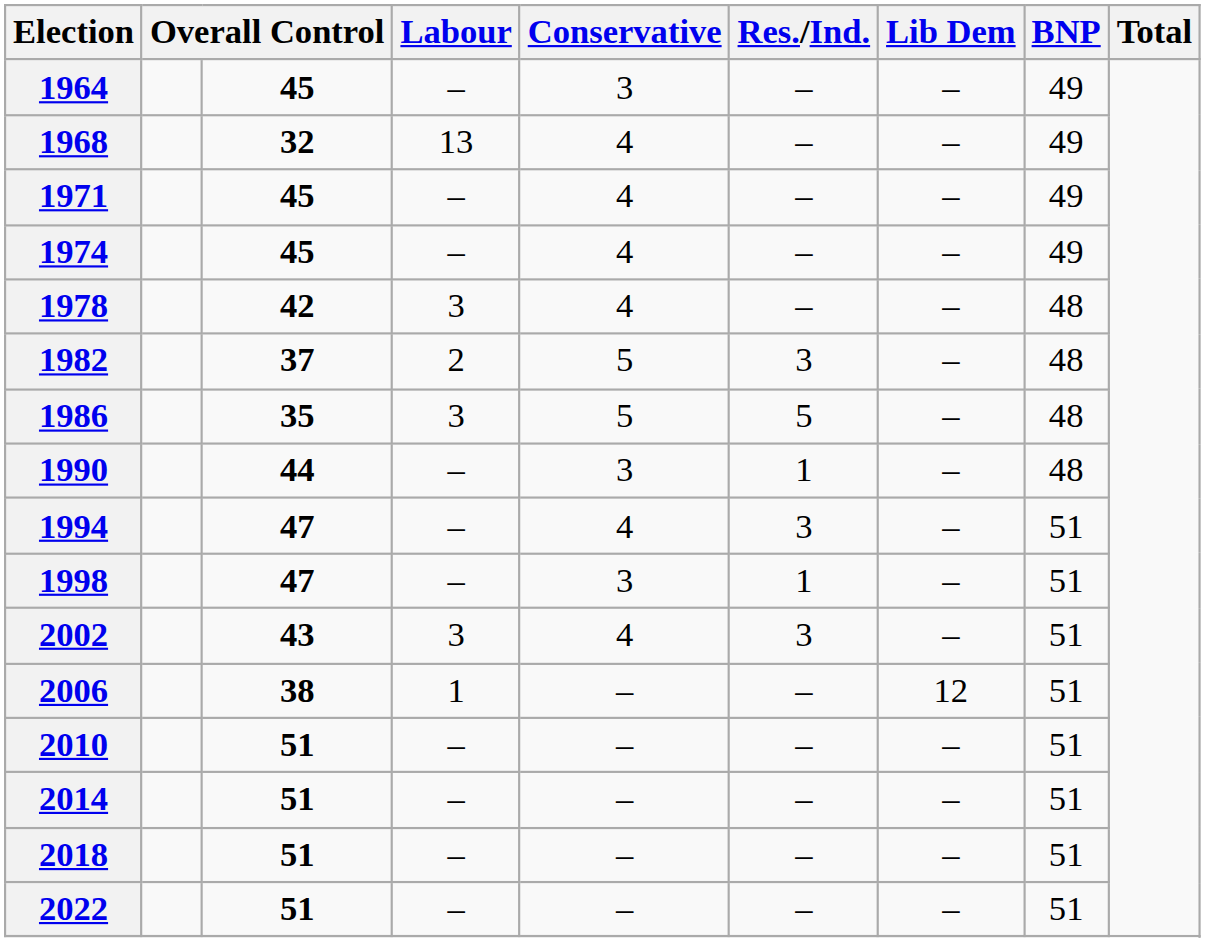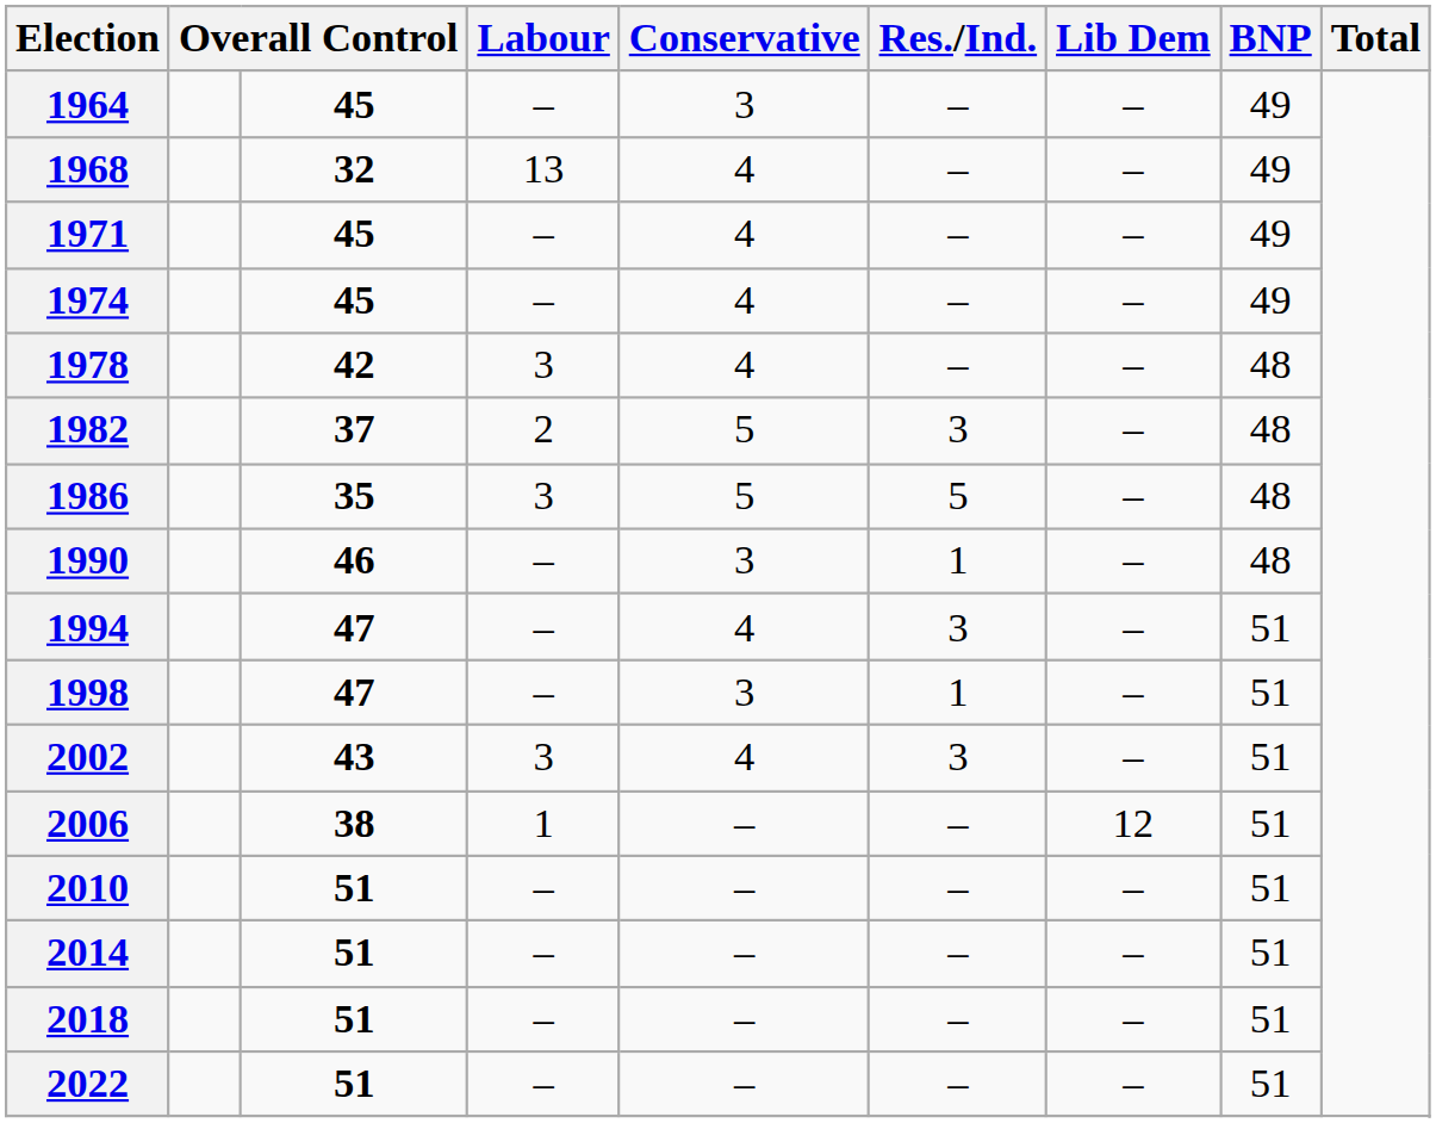 <table class="wikitable">
 <tr>
 <th>Election</th>
 <th colspan=2>Overall Control</th>
 <th><a href='#'>Labour</a></th>
 <th><a href='#'>Conservative</a></th>
 <th><a href='#'>Res.</a>/<a href='#'>Ind.</a></th>
 <th><a href='#'>Lib Dem</a></th>
 <th><a href='#'>BNP</a></th>
 <th>Total</th>
 </tr>
 <tr>
 <th><a href='#'>1964</a></th>
 <td></td>
 <td style="text-align: center;"><strong>45</strong></td>
 <td style="text-align: center;">–</td>
 <td style="text-align: center;">3</td>
 <td style="text-align: center;">–</td>
 <td style="text-align: center;">–</td>
 <td style="text-align: center;">49</td>
 </tr>
 <tr>
 <th><a href='#'>1968</a></th>
 <td></td>
 <td style="text-align: center;"><strong>32</strong></td>
 <td style="text-align: center;">13</td>
 <td style="text-align: center;">4</td>
 <td style="text-align: center;">–</td>
 <td style="text-align: center;">–</td>
 <td style="text-align: center;">49</td>
 </tr>
 <tr>
 <th><a href='#'>1971</a></th>
 <td></td>
 <td style="text-align: center;"><strong>45</strong></td>
 <td style="text-align: center;">–</td>
 <td style="text-align: center;">4</td>
 <td style="text-align: center;">–</td>
 <td style="text-align: center;">–</td>
 <td style="text-align: center;">49</td>
 </tr>
 <tr>
 <th><a href='#'>1974</a></th>
 <td></td>
 <td style="text-align: center;"><strong>45</strong></td>
 <td style="text-align: center;">–</td>
 <td style="text-align: center;">4</td>
 <td style="text-align: center;">–</td>
 <td style="text-align: center;">–</td>
 <td style="text-align: center;">49</td>
 </tr>
 <tr>
 <th><a href='#'>1978</a></th>
 <td></td>
 <td style="text-align: center;"><strong>42</strong></td>
 <td style="text-align: center;">3</td>
 <td style="text-align: center;">4</td>
 <td style="text-align: center;">–</td>
 <td style="text-align: center;">–</td>
 <td style="text-align: center;">48</td>
 </tr>
 <tr>
 <th><a href='#'>1982</a></th>
 <td></td>
 <td style="text-align: center;"><strong>37</strong></td>
 <td style="text-align: center;">2</td>
 <td style="text-align: center;">5</td>
 <td style="text-align: center;">3</td>
 <td style="text-align: center;">–</td>
 <td style="text-align: center;">48</td>
 </tr>
 <tr>
 <th><a href='#'>1986</a></th>
 <td></td>
 <td style="text-align: center;"><strong>35</strong></td>
 <td style="text-align: center;">3</td>
 <td style="text-align: center;">5</td>
 <td style="text-align: center;">5</td>
 <td style="text-align: center;">–</td>
 <td style="text-align: center;">48</td>
 </tr>
 <tr>
 <th><a href='#'>1990</a></th>
 <td></td>
-<td style="text-align: center;"><strong>44</strong></td>
+<td style="text-align: center;"><strong>46</strong></td>
 <td style="text-align: center;">–</td>
 <td style="text-align: center;">3</td>
 <td style="text-align: center;">1</td>
 <td style="text-align: center;">–</td>
 <td style="text-align: center;">48</td>
 </tr>
 <tr>
 <th><a href='#'>1994</a></th>
 <td></td>
 <td style="text-align: center;"><strong>47</strong></td>
 <td style="text-align: center;">–</td>
 <td style="text-align: center;">4</td>
 <td style="text-align: center;">3</td>
 <td style="text-align: center;">–</td>
 <td style="text-align: center;">51</td>
 </tr>
 <tr>
 <th><a href='#'>1998</a></th>
 <td></td>
 <td style="text-align: center;"><strong>47</strong></td>
 <td style="text-align: center;">–</td>
 <td style="text-align: center;">3</td>
 <td style="text-align: center;">1</td>
 <td style="text-align: center;">–</td>
 <td style="text-align: center;">51</td>
 </tr>
 <tr>
 <th><a href='#'>2002</a></th>
 <td></td>
 <td style="text-align: center;"><strong>43</strong></td>
 <td style="text-align: center;">3</td>
 <td style="text-align: center;">4</td>
 <td style="text-align: center;">3</td>
 <td style="text-align: center;">–</td>
 <td style="text-align: center;">51</td>
 </tr>
 <tr>
 <th><a href='#'>2006</a></th>
 <td></td>
 <td style="text-align: center;"><strong>38</strong></td>
 <td style="text-align: center;">1</td>
 <td style="text-align: center;">–</td>
 <td style="text-align: center;">–</td>
 <td style="text-align: center;">12</td>
 <td style="text-align: center;">51</td>
 </tr>
 <tr>
 <th><a href='#'>2010</a></th>
 <td></td>
 <td style="text-align: center;"><strong>51</strong></td>
 <td style="text-align: center;">–</td>
 <td style="text-align: center;">–</td>
 <td style="text-align: center;">–</td>
 <td style="text-align: center;">–</td>
 <td style="text-align: center;">51</td>
 </tr>
 <tr>
 <th><a href='#'>2014</a></th>
 <td></td>
 <td style="text-align: center;"><strong>51</strong></td>
 <td style="text-align: center;">–</td>
 <td style="text-align: center;">–</td>
 <td style="text-align: center;">–</td>
 <td style="text-align: center;">–</td>
 <td style="text-align: center;">51</td>
 </tr>
 <tr>
 <th><a href='#'>2018</a></th>
 <td></td>
 <td style="text-align: center;"><strong>51</strong></td>
 <td style="text-align: center;">–</td>
 <td style="text-align: center;">–</td>
 <td style="text-align: center;">–</td>
 <td style="text-align: center;">–</td>
 <td style="text-align: center;">51</td>
 </tr>
 <tr>
 <th><a href='#'>2022</a></th>
 <td></td>
 <td style="text-align: center;"><strong>51</strong></td>
 <td style="text-align: center;">–</td>
 <td style="text-align: center;">–</td>
 <td style="text-align: center;">–</td>
 <td style="text-align: center;">–</td>
 <td style="text-align: center;">51</td>
 </tr>
 <tr>
 </tr>
 </table>
